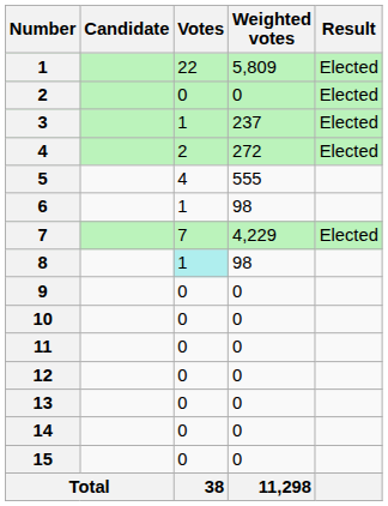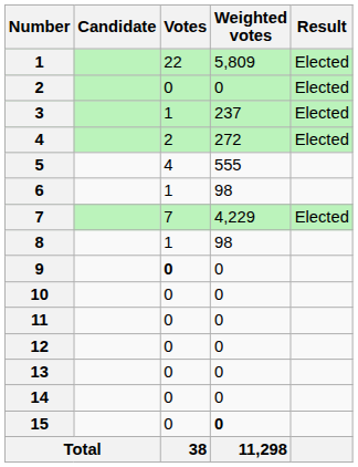 <table class="wikitable sortable col3right col4right">
 <tr>
 <th scope="col">Number</th>
 <th scope="col">Candidate</th>
 <th scope="col">Votes</th>
 <th scope="col">Weighted<br>votes</th>
 <th scope="col">Result</th>
 </tr>
 <tr bgcolor=bbf3bb>
 <th scope="row">1</th>
 <td></td>
 <td>22</td>
 <td>5,809</td>
 <td>Elected</td>
 </tr>
 <tr bgcolor=bbf3bb>
 <th scope="row">2</th>
 <td></td>
 <td>0</td>
 <td>0</td>
 <td>Elected</td>
 </tr>
 <tr bgcolor=bbf3bb>
 <th scope="row">3</th>
 <td></td>
 <td>1</td>
 <td>237</td>
 <td>Elected</td>
 </tr>
 <tr bgcolor=bbf3bb>
 <th scope="row">4</th>
 <td></td>
 <td>2</td>
 <td>272</td>
 <td>Elected</td>
 </tr>
 <tr>
 <th scope="row">5</th>
 <td></td>
 <td>4</td>
 <td>555</td>
 <td></td>
 </tr>
 <tr>
 <th scope="row">6</th>
 <td></td>
 <td>1</td>
 <td>98</td>
 <td></td>
 </tr>
 <tr bgcolor=bbf3bb>
 <th scope="row">7</th>
 <td></td>
 <td>7</td>
 <td>4,229</td>
 <td>Elected</td>
 </tr>
 <tr>
 <th scope="row">8</th>
 <td></td>
-<td style="background: paleturquoise;">1</td>
+<td>1</td>
 <td>98</td>
 <td></td>
 </tr>
 <tr>
 <th scope="row">9</th>
 <td></td>
-<td>0</td>
+<td><strong>0</strong></td>
 <td>0</td>
 <td></td>
 </tr>
 <tr>
 <th scope="row">10</th>
 <td></td>
 <td>0</td>
 <td>0</td>
 <td></td>
 </tr>
 <tr>
 <th scope="row">11</th>
 <td></td>
 <td>0</td>
 <td>0</td>
 <td></td>
 </tr>
 <tr>
 <th scope="row">12</th>
 <td></td>
 <td>0</td>
 <td>0</td>
 <td></td>
 </tr>
 <tr>
 <th scope="row">13</th>
 <td></td>
 <td>0</td>
 <td>0</td>
 <td></td>
 </tr>
 <tr>
 <th scope="row">14</th>
 <td></td>
 <td>0</td>
 <td>0</td>
 <td></td>
 </tr>
 <tr>
 <th scope="row">15</th>
 <td></td>
 <td>0</td>
-<td>0</td>
+<td><strong>0</strong></td>
 <td></td>
 </tr>
 <tr class=sortbottom>
 <th scope="row" colspan="2">Total</th>
 <th style="text-align:right">38</th>
 <th style="text-align:right">11,298</th>
 <th></th>
 </tr>
 </table>
